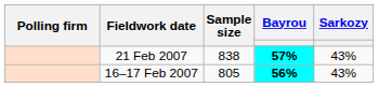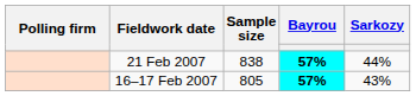 <table class="wikitable sortable" style="text-align:center;font-size:90%;line-height:14px;">
 <tr style="height:40px;">
 <th style="width:100px;" rowspan="2">Polling firm</th>
 <th style="width:110px;" rowspan="2">Fieldwork date</th>
 <th style="width:35px;" rowspan="2">Sample<br>size</th>
 <th class="unsortable" style="width:60px;"><a href='#'>Bayrou</a><br></th>
 <th class="unsortable" style="width:60px;"><a href='#'>Sarkozy</a><br></th>
 </tr>
 <tr>
 <th style="background:"></th>
 <th style="background:"></th>
 </tr>
 <tr>
 <td style="background:#FFDFCC;"></td>
 <td data-sort-value="2007-02-21">21 Feb 2007</td>
 <td>838</td>
 <td style="background:#00FFFF;"><strong>57%</strong></td>
-<td>43%</td>
+<td>44%</td>
 </tr>
 <tr>
 <td style="background:#FFDFCC;"></td>
 <td data-sort-value="2007-02-17">16–17 Feb 2007</td>
 <td>805</td>
-<td style="background:#00FFFF;"><strong>56%</strong></td>
+<td style="background:#00FFFF;"><strong>57%</strong></td>
 <td>43%</td>
 </tr>
 </table>
